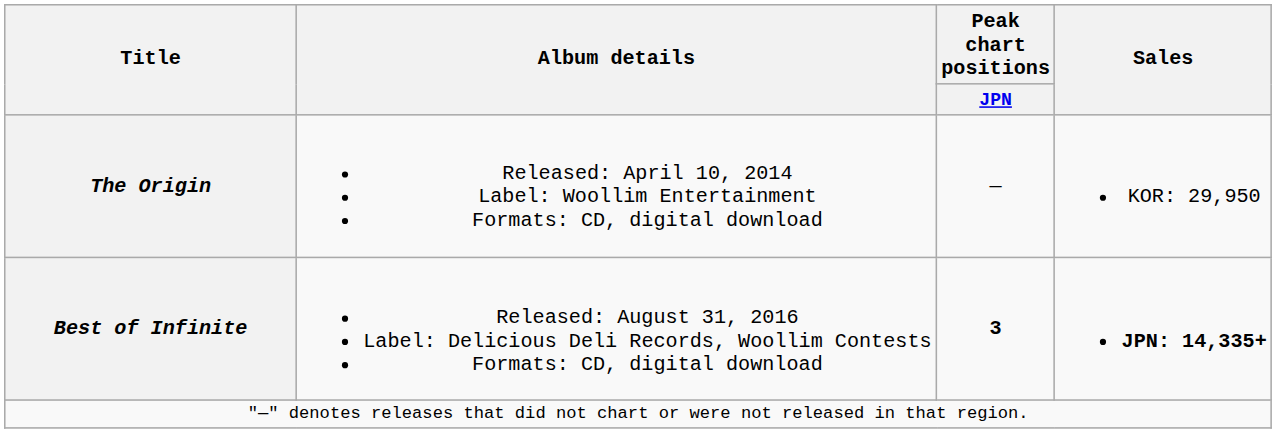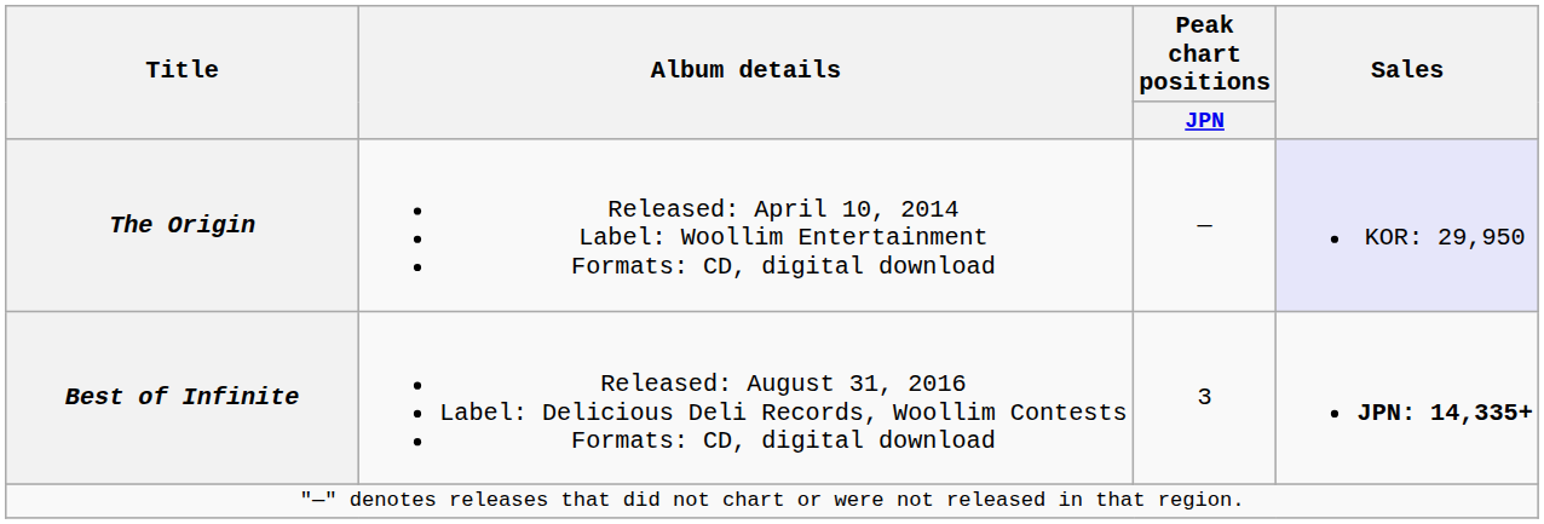 <table class="wikitable plainrowheaders" style="text-align:center;">
 <tr>
 <th scope="col" rowspan="2" style="width:14em;">Title</th>
 <th scope="col" rowspan="2">Album details</th>
 <th scope="col" colspan="1">Peak chart <br>positions</th>
 <th scope="col" rowspan="2">Sales</th>
 </tr>
 <tr>
 <th scope="col" style="width:3em;font-size:90%;"><a href='#'>JPN</a><br></th>
 </tr>
 <tr>
 <th scope="row"><em>The Origin</em></th>
 <td><br><ul><li>Released: April 10, 2014 </li><li>Label: Woollim Entertainment</li><li>Formats: CD, digital download</li></ul></td>
 <td>—</td>
-<td><br><ul><li>KOR: 29,950</li></ul></td>
+<td style="background: lavender;"><br><ul><li>KOR: 29,950</li></ul></td>
 </tr>
 <tr>
 <th scope="row"><em>Best of Infinite</em></th>
 <td><br><ul><li>Released: August 31, 2016 </li><li>Label: Delicious Deli Records, Woollim Contests</li><li>Formats: CD, digital download</li></ul></td>
-<td><strong>3</strong></td>
+<td>3</td>
 <td><strong><br><ul><li>JPN: 14,335+</li></ul></strong></td>
 </tr>
 <tr>
 <td colspan="5" style="font-size:85%">"—" denotes releases that did not chart or were not released in that region.</td>
 </tr>
 </table>
